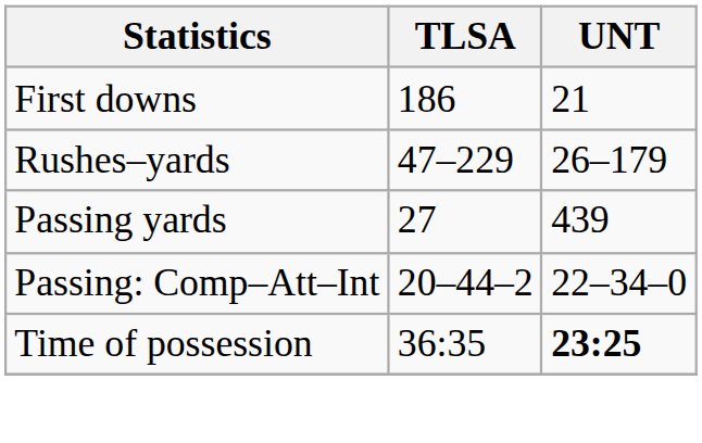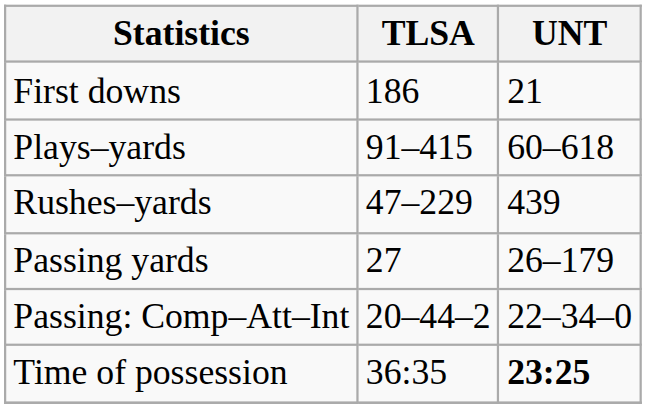 <table class="wikitable" style="float: left;">
 <tr>
 <th>Statistics</th>
 <th>TLSA</th>
 <th>UNT</th>
 </tr>
 <tr>
 <td>First downs</td>
 <td>186</td>
 <td>21</td>
 </tr>
 <tr>
+<td>Plays–yards</td>
+<td>91–415</td>
+<td>60–618</td>
+</tr>
+<tr>
 <td>Rushes–yards</td>
 <td>47–229</td>
-<td>26–179</td>
+<td>439</td>
 </tr>
 <tr>
 <td>Passing yards</td>
 <td>27</td>
-<td>439</td>
+<td>26–179</td>
 </tr>
 <tr>
 <td>Passing: Comp–Att–Int</td>
 <td>20–44–2</td>
 <td>22–34–0</td>
 </tr>
 <tr>
 <td>Time of possession</td>
 <td>36:35</td>
 <td><strong>23:25</strong></td>
 </tr>
 <tr>
 </tr>
 </table>
